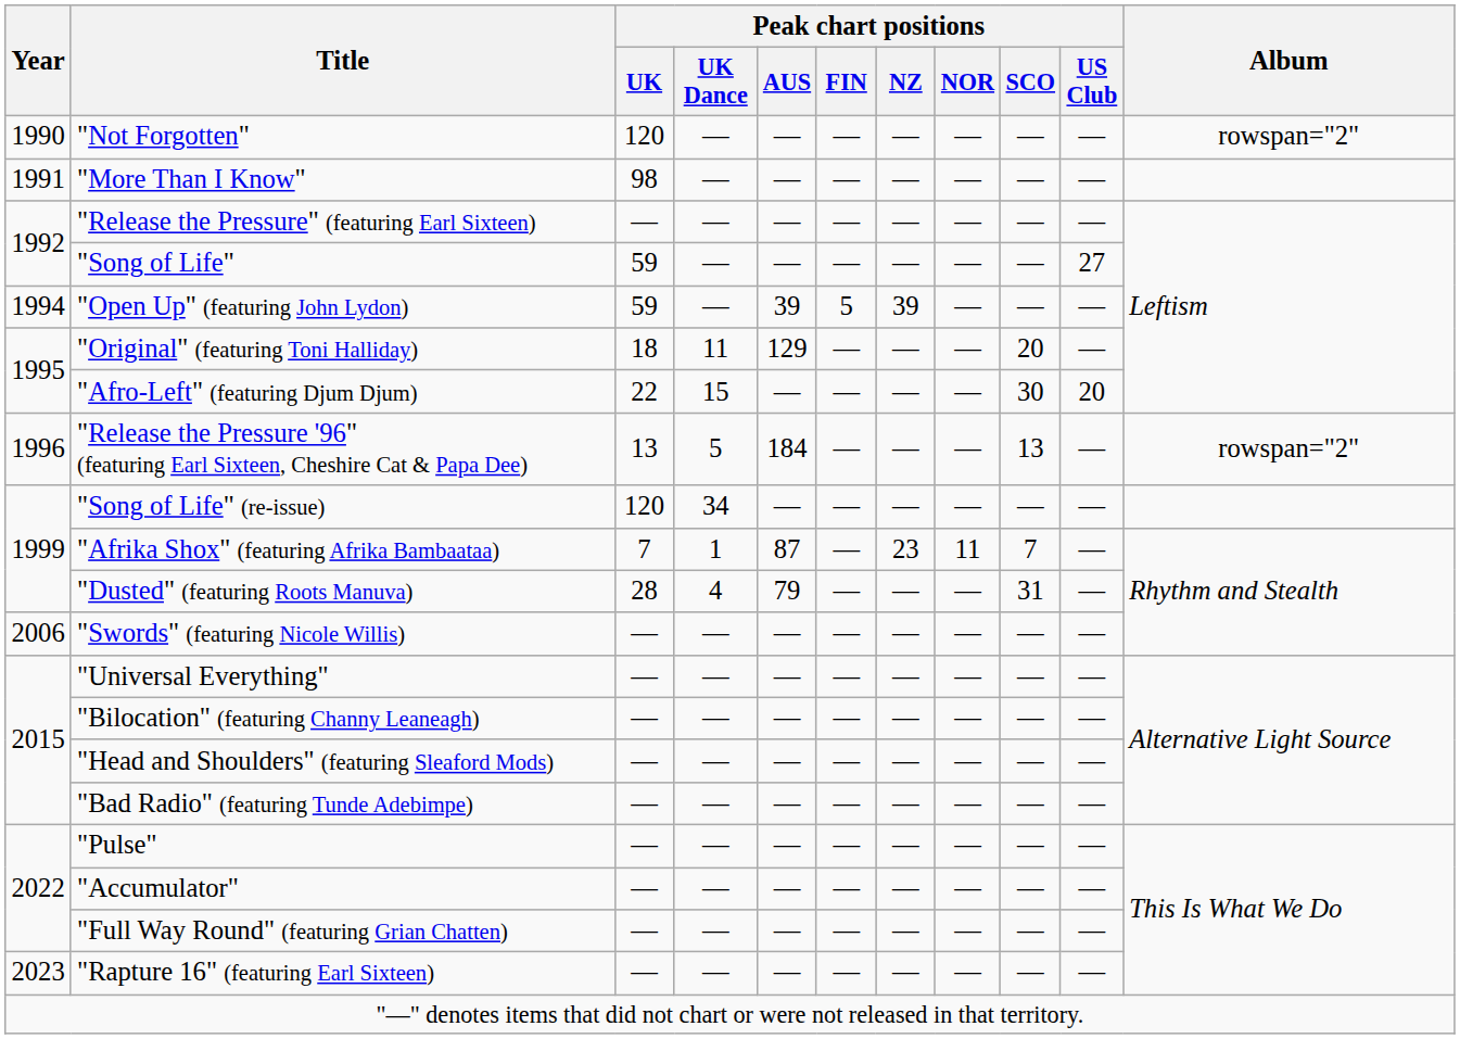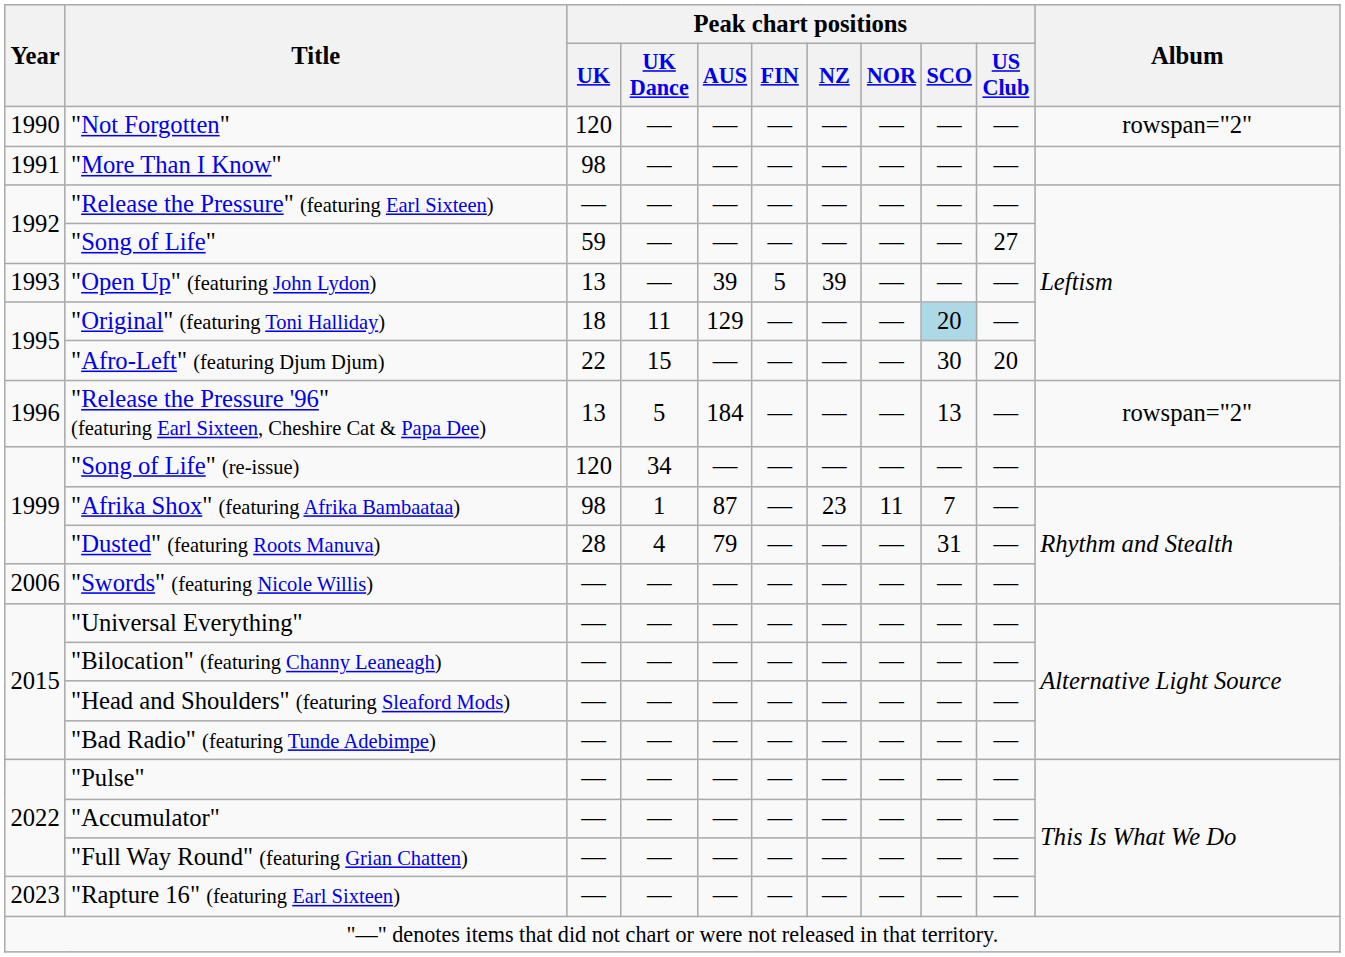 <table class="wikitable" style="text-align:center;">
 <tr>
 <th rowspan="2" style="width:2em;">Year</th>
 <th rowspan="2" style="width:20em;">Title</th>
 <th colspan="8">Peak chart positions</th>
 <th rowspan="2" style="width:12em;">Album</th>
 </tr>
 <tr>
 <th style="width:2em;font-size:90%;"><a href='#'>UK</a><br></th>
 <th style="width:3em;font-size:90%;"><a href='#'>UK<br>Dance</a><br></th>
 <th style="width:2em;font-size:90%;"><a href='#'>AUS</a><br></th>
 <th style="width:2em;font-size:90%;"><a href='#'>FIN</a><br></th>
 <th style="width:2em;font-size:90%;"><a href='#'>NZ</a><br></th>
 <th style="width:2em;font-size:90%;"><a href='#'>NOR</a><br></th>
 <th style="width:2em;font-size:90%;"><a href='#'>SCO</a><br></th>
 <th style="width:2em;font-size:90%;"><a href='#'>US<br>Club</a><br></th>
 </tr>
 <tr>
 <td>1990</td>
 <td style="text-align:left;">"<a href='#'>Not Forgotten</a>"</td>
 <td>120</td>
 <td>—</td>
 <td>—</td>
 <td>—</td>
 <td>—</td>
 <td>—</td>
 <td>—</td>
 <td>—</td>
 <td>rowspan="2" </td>
 </tr>
 <tr>
 <td>1991</td>
 <td style="text-align:left;">"<a href='#'>More Than I Know</a>"</td>
 <td>98</td>
 <td>—</td>
 <td>—</td>
 <td>—</td>
 <td>—</td>
 <td>—</td>
 <td>—</td>
 <td>—</td>
 </tr>
 <tr>
 <td rowspan="2">1992</td>
 <td style="text-align:left;">"<a href='#'>Release the Pressure</a>" <small>(featuring <a href='#'>Earl Sixteen</a>)</small></td>
 <td>—</td>
 <td>—</td>
 <td>—</td>
 <td>—</td>
 <td>—</td>
 <td>—</td>
 <td>—</td>
 <td>—</td>
 <td style="text-align:left;" rowspan="5"><em>Leftism</em></td>
 </tr>
 <tr>
 <td style="text-align:left;">"<a href='#'>Song of Life</a>"</td>
 <td>59</td>
 <td>—</td>
 <td>—</td>
 <td>—</td>
 <td>—</td>
 <td>—</td>
 <td>—</td>
 <td>27</td>
 </tr>
 <tr>
-<td>1994</td>
+<td>1993</td>
 <td style="text-align:left;">"<a href='#'>Open Up</a>" <small>(featuring <a href='#'>John Lydon</a>)</small></td>
-<td>59</td>
+<td>13</td>
 <td>—</td>
 <td>39</td>
 <td>5</td>
 <td>39</td>
 <td>—</td>
 <td>—</td>
 <td>—</td>
 </tr>
 <tr>
 <td rowspan="2">1995</td>
 <td style="text-align:left;">"<a href='#'>Original</a>" <small>(featuring <a href='#'>Toni Halliday</a>)</small></td>
 <td>18</td>
 <td>11</td>
 <td>129</td>
 <td>—</td>
 <td>—</td>
 <td>—</td>
-<td>20</td>
+<td style="background: lightblue;">20</td>
 <td>—</td>
 </tr>
 <tr>
 <td style="text-align:left;">"<a href='#'>Afro-Left</a>" <small>(featuring Djum Djum)</small></td>
 <td>22</td>
 <td>15</td>
 <td>—</td>
 <td>—</td>
 <td>—</td>
 <td>—</td>
 <td>30</td>
 <td>20</td>
 </tr>
 <tr>
 <td>1996</td>
 <td style="text-align:left;">"<a href='#'>Release the Pressure '96</a>" <br><small>(featuring <a href='#'>Earl Sixteen</a>, Cheshire Cat & <a href='#'>Papa Dee</a>)</small></td>
 <td>13</td>
 <td>5</td>
 <td>184</td>
 <td>—</td>
 <td>—</td>
 <td>—</td>
 <td>13</td>
 <td>—</td>
 <td>rowspan="2" </td>
 </tr>
 <tr>
 <td rowspan="3">1999</td>
 <td style="text-align:left;">"<a href='#'>Song of Life</a>" <small>(re-issue)</small></td>
 <td>120</td>
 <td>34</td>
 <td>—</td>
 <td>—</td>
 <td>—</td>
 <td>—</td>
 <td>—</td>
 <td>—</td>
 </tr>
 <tr>
 <td style="text-align:left;">"<a href='#'>Afrika Shox</a>" <small>(featuring <a href='#'>Afrika Bambaataa</a>)</small></td>
-<td>7</td>
+<td>98</td>
 <td>1</td>
 <td>87</td>
 <td>—</td>
 <td>23</td>
 <td>11</td>
 <td>7</td>
 <td>—</td>
 <td style="text-align:left;" rowspan="3"><em>Rhythm and Stealth</em></td>
 </tr>
 <tr>
 <td style="text-align:left;">"<a href='#'>Dusted</a>" <small>(featuring <a href='#'>Roots Manuva</a>)</small></td>
 <td>28</td>
 <td>4</td>
 <td>79</td>
 <td>—</td>
 <td>—</td>
 <td>—</td>
 <td>31</td>
 <td>—</td>
 </tr>
 <tr>
 <td>2006</td>
 <td style="text-align:left;">"<a href='#'>Swords</a>" <small>(featuring <a href='#'>Nicole Willis</a>)</small></td>
 <td>—</td>
 <td>—</td>
 <td>—</td>
 <td>—</td>
 <td>—</td>
 <td>—</td>
 <td>—</td>
 <td>—</td>
 </tr>
 <tr>
 <td rowspan="4">2015</td>
 <td style="text-align:left;">"Universal Everything"</td>
 <td>—</td>
 <td>—</td>
 <td>—</td>
 <td>—</td>
 <td>—</td>
 <td>—</td>
 <td>—</td>
 <td>—</td>
 <td style="text-align:left;" rowspan="4"><em>Alternative Light Source</em></td>
 </tr>
 <tr>
 <td style="text-align:left;">"Bilocation" <small>(featuring <a href='#'>Channy Leaneagh</a>)</small></td>
 <td>—</td>
 <td>—</td>
 <td>—</td>
 <td>—</td>
 <td>—</td>
 <td>—</td>
 <td>—</td>
 <td>—</td>
 </tr>
 <tr>
 <td style="text-align:left;">"Head and Shoulders" <small>(featuring <a href='#'>Sleaford Mods</a>)</small></td>
 <td>—</td>
 <td>—</td>
 <td>—</td>
 <td>—</td>
 <td>—</td>
 <td>—</td>
 <td>—</td>
 <td>—</td>
 </tr>
 <tr>
 <td style="text-align:left;">"Bad Radio" <small>(featuring <a href='#'>Tunde Adebimpe</a>)</small></td>
 <td>—</td>
 <td>—</td>
 <td>—</td>
 <td>—</td>
 <td>—</td>
 <td>—</td>
 <td>—</td>
 <td>—</td>
 </tr>
 <tr>
 <td rowspan="3">2022</td>
 <td style="text-align:left;">"Pulse"</td>
 <td>—</td>
 <td>—</td>
 <td>—</td>
 <td>—</td>
 <td>—</td>
 <td>—</td>
 <td>—</td>
 <td>—</td>
 <td rowspan="4" style="text-align:left;"><em>This Is What We Do</em></td>
 </tr>
 <tr>
 <td style="text-align:left;">"Accumulator"</td>
 <td>—</td>
 <td>—</td>
 <td>—</td>
 <td>—</td>
 <td>—</td>
 <td>—</td>
 <td>—</td>
 <td>—</td>
 </tr>
 <tr>
 <td style="text-align:left;">"Full Way Round" <small>(featuring <a href='#'>Grian Chatten</a>)</small></td>
 <td>—</td>
 <td>—</td>
 <td>—</td>
 <td>—</td>
 <td>—</td>
 <td>—</td>
 <td>—</td>
 <td>—</td>
 </tr>
 <tr>
 <td>2023</td>
 <td style="text-align:left;">"Rapture 16" <small>(featuring <a href='#'>Earl Sixteen</a>)</small></td>
 <td>—</td>
 <td>—</td>
 <td>—</td>
 <td>—</td>
 <td>—</td>
 <td>—</td>
 <td>—</td>
 <td>—</td>
 </tr>
 <tr>
 <td colspan="15" style="font-size:90%">"—" denotes items that did not chart or were not released in that territory.</td>
 </tr>
 </table>
